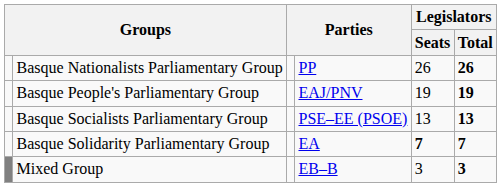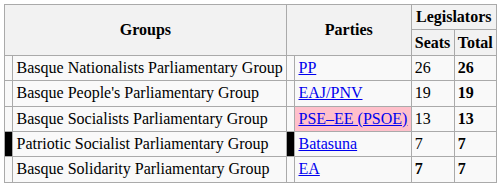 <table class="wikitable" style="text-align:left;">
 <tr>
 <th rowspan="2" colspan="2">Groups</th>
 <th rowspan="2" colspan="2">Parties</th>
 <th colspan="2">Legislators</th>
 </tr>
 <tr>
 <th>Seats</th>
 <th>Total</th>
 </tr>
 <tr>
 <td width="1" style="color:inherit;background:"></td>
 <td>Basque Nationalists Parliamentary Group</td>
 <td width="1" style="color:inherit;background:"></td>
 <td><a href='#'>PP</a></td>
 <td>26</td>
 <td><strong>26</strong></td>
 </tr>
 <tr>
 <td style="color:inherit;background:"></td>
 <td>Basque People's Parliamentary Group</td>
 <td style="color:inherit;background:"></td>
 <td><a href='#'>EAJ/PNV</a></td>
 <td>19</td>
 <td><strong>19</strong></td>
 </tr>
 <tr>
 <td style="color:inherit;background:"></td>
 <td>Basque Socialists Parliamentary Group</td>
 <td style="color:inherit;background:"></td>
-<td><a href='#'>PSE–EE (PSOE)</a></td>
+<td style="background: pink;"><a href='#'>PSE–EE (PSOE)</a></td>
 <td>13</td>
 <td><strong>13</strong></td>
+</tr>
+<tr>
+<td bgcolor="black"></td>
+<td>Patriotic Socialist Parliamentary Group</td>
+<td bgcolor="black"></td>
+<td><a href='#'>Batasuna</a></td>
+<td>7</td>
+<td><strong>7</strong></td>
 </tr>
 <tr>
 <td style="color:inherit;background:"></td>
 <td>Basque Solidarity Parliamentary Group</td>
 <td style="color:inherit;background:"></td>
 <td><a href='#'>EA</a></td>
 <td><strong>7</strong></td>
 <td><strong>7</strong></td>
 </tr>
-<tr>
-<td bgcolor="gray"></td>
-<td>Mixed Group</td>
-<td style="color:inherit;background:"></td>
-<td><a href='#'>EB–B</a></td>
-<td>3</td>
-<td><strong>3</strong></td>
-</tr>
 </table>
